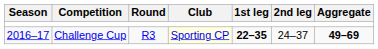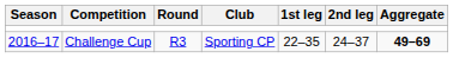 <table class="wikitable">
 <tr>
 <th>Season</th>
 <th>Competition</th>
 <th>Round</th>
 <th>Club</th>
 <th>1st leg</th>
 <th>2nd leg</th>
 <th>Aggregate</th>
 </tr>
 <tr>
 <td colspan="7" bgcolor=white></td>
 </tr>
 <tr>
 <td><a href='#'>2016–17</a></td>
 <td><a href='#'>Challenge Cup</a></td>
 <td style="text-align:center;"><a href='#'>R3</a></td>
-<td style="background: lightyellow;"> <a href='#'>Sporting CP</a></td>
-<td style="text-align:center;"><strong>22–35</strong></td>
+<td> <a href='#'>Sporting CP</a></td>
+<td style="text-align:center;">22–35</td>
 <td style="text-align:center;">24–37</td>
 <td style="text-align:center;"><strong>49–69</strong></td>
 </tr>
 </table>
